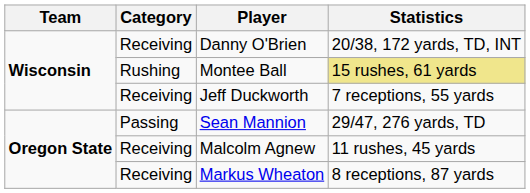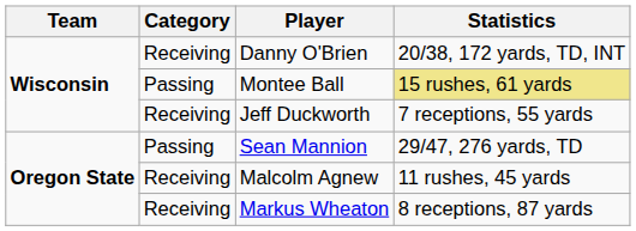 <table class="wikitable" style="float: right;">
 <tr>
 <th>Team</th>
 <th>Category</th>
 <th>Player</th>
 <th>Statistics</th>
 </tr>
 <tr>
 <td rowspan=3><strong>Wisconsin</strong></td>
 <td>Receiving</td>
 <td>Danny O'Brien</td>
 <td>20/38, 172 yards, TD, INT</td>
 </tr>
 <tr>
-<td>Rushing</td>
+<td>Passing</td>
 <td>Montee Ball</td>
 <td style="background: khaki;">15 rushes, 61 yards</td>
 </tr>
 <tr>
 <td>Receiving</td>
 <td>Jeff Duckworth</td>
 <td>7 receptions, 55 yards</td>
 </tr>
 <tr>
 <td rowspan=3><strong>Oregon State</strong></td>
 <td>Passing</td>
 <td><a href='#'>Sean Mannion</a></td>
 <td>29/47, 276 yards, TD</td>
 </tr>
 <tr>
 <td>Receiving</td>
 <td>Malcolm Agnew</td>
 <td>11 rushes, 45 yards</td>
 </tr>
 <tr>
 <td>Receiving</td>
 <td><a href='#'>Markus Wheaton</a></td>
 <td>8 receptions, 87 yards</td>
 </tr>
 </table>
